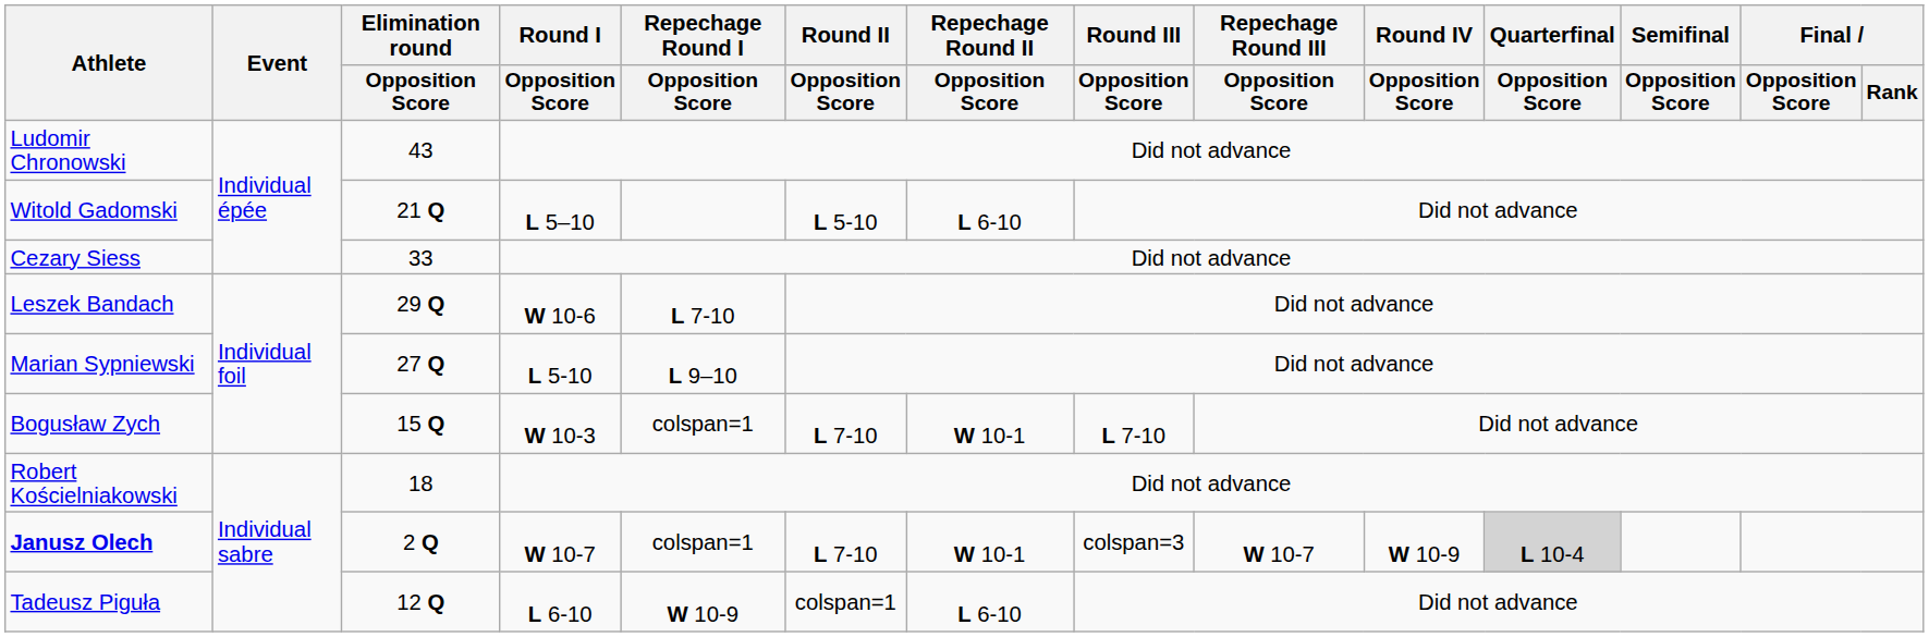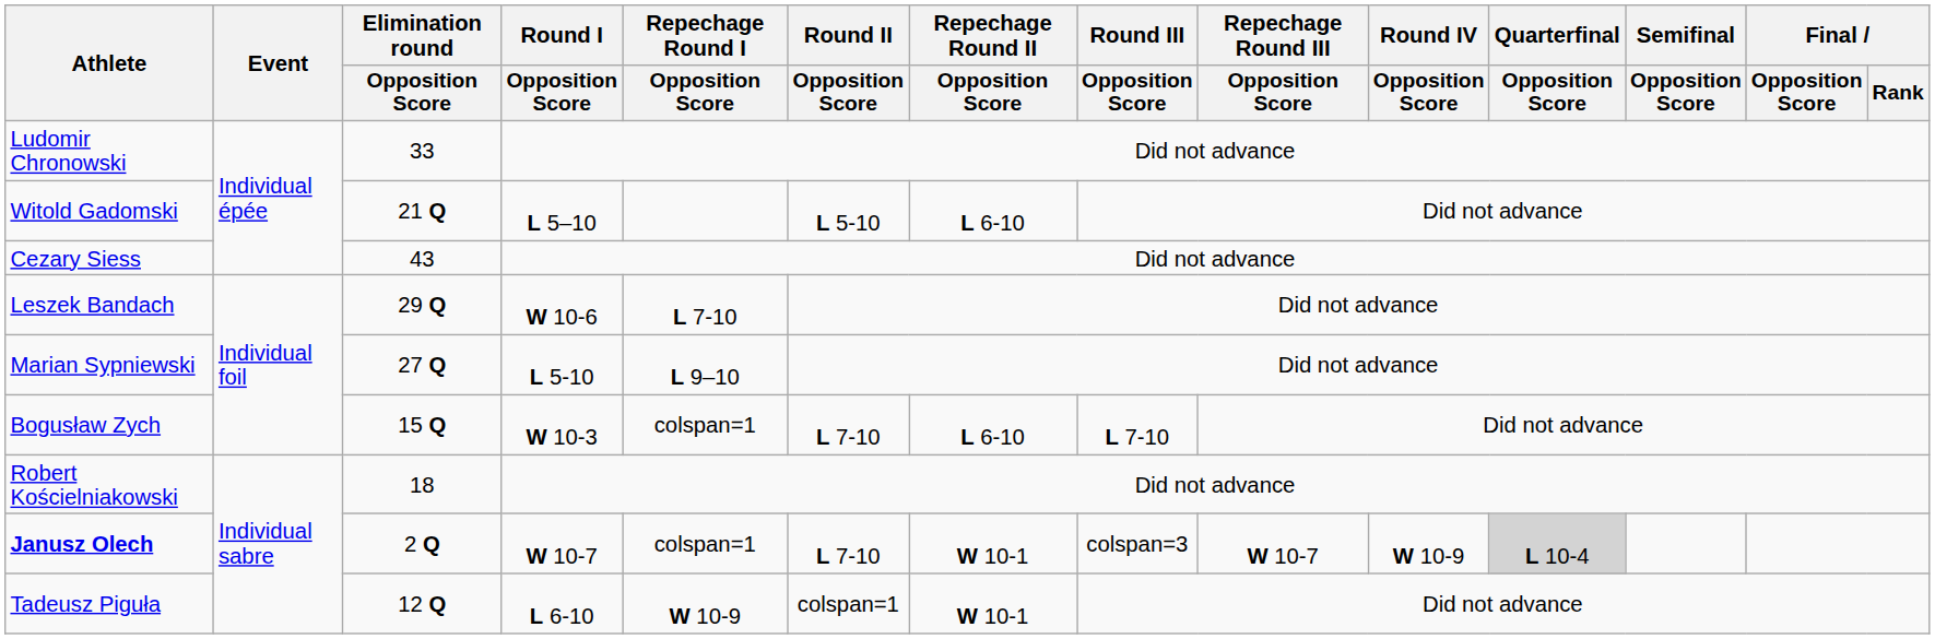 <table class="wikitable" style="font-size:90%">
 <tr>
 <th rowspan="2">Athlete</th>
 <th rowspan="2">Event</th>
 <th>Elimination round</th>
 <th>Round I</th>
 <th>Repechage Round I</th>
 <th>Round II</th>
 <th>Repechage Round II</th>
 <th>Round III</th>
 <th>Repechage Round III</th>
 <th>Round IV</th>
 <th>Quarterfinal</th>
 <th>Semifinal</th>
 <th colspan=2>Final / </th>
 </tr>
 <tr style="font-size:95%">
 <th>Opposition <br> Score</th>
 <th>Opposition <br> Score</th>
 <th>Opposition <br> Score</th>
 <th>Opposition <br> Score</th>
 <th>Opposition <br> Score</th>
 <th>Opposition <br> Score</th>
 <th>Opposition <br> Score</th>
 <th>Opposition <br> Score</th>
 <th>Opposition <br> Score</th>
 <th>Opposition <br> Score</th>
 <th>Opposition <br> Score</th>
 <th>Rank</th>
 </tr>
 <tr align=center>
 <td align=left><a href='#'>Ludomir Chronowski</a></td>
 <td align=left rowspan=3><a href='#'>Individual épée</a></td>
-<td>43</td>
+<td>33</td>
 <td colspan=11>Did not advance</td>
 </tr>
 <tr align=center>
 <td align=left><a href='#'>Witold Gadomski</a></td>
 <td>21 <strong>Q</strong></td>
 <td><br><strong>L</strong> 5–10</td>
 <td></td>
 <td><br><strong>L</strong> 5-10</td>
 <td><br><strong>L</strong> 6-10</td>
 <td colspan=7>Did not advance</td>
 </tr>
 <tr align=center>
 <td align=left><a href='#'>Cezary Siess</a></td>
-<td>33</td>
+<td>43</td>
 <td colspan=11>Did not advance</td>
 </tr>
 <tr align=center>
 <td align=left><a href='#'>Leszek Bandach</a></td>
 <td align=left rowspan=3><a href='#'>Individual foil</a></td>
 <td>29 <strong>Q</strong></td>
 <td><br><strong>W</strong> 10-6</td>
 <td><br><strong>L</strong> 7-10</td>
 <td colspan=9>Did not advance</td>
 </tr>
 <tr align=center>
 <td align=left><a href='#'>Marian Sypniewski</a></td>
 <td>27 <strong>Q</strong></td>
 <td><br><strong>L</strong> 5-10</td>
 <td><br><strong>L</strong> 9–10</td>
 <td colspan=9>Did not advance</td>
 </tr>
 <tr align=center>
 <td align=left><a href='#'>Bogusław Zych</a></td>
 <td>15 <strong>Q</strong></td>
 <td><br><strong>W</strong> 10-3</td>
 <td>colspan=1 </td>
 <td><br><strong>L</strong> 7-10</td>
-<td><br><strong>W</strong> 10-1</td>
+<td><br><strong>L</strong> 6-10</td>
 <td><br><strong>L</strong> 7-10</td>
 <td colspan=6>Did not advance</td>
 </tr>
 <tr align=center>
 <td align=left><a href='#'>Robert Kościelniakowski</a></td>
 <td align=left rowspan=3><a href='#'>Individual sabre</a></td>
 <td>18</td>
 <td colspan=11>Did not advance</td>
 </tr>
 <tr align=center>
 <td align=left><strong><a href='#'>Janusz Olech</a></strong></td>
 <td>2 <strong>Q</strong></td>
 <td><br><strong>W</strong> 10-7</td>
 <td>colspan=1 </td>
 <td><br><strong>L</strong> 7-10</td>
 <td><br><strong>W</strong> 10-1</td>
 <td>colspan=3 </td>
 <td><br><strong>W</strong> 10-7</td>
 <td><br><strong>W</strong> 10-9</td>
 <td style="background: lightgrey;"><br><strong>L</strong> 10-4</td>
 <td></td>
 </tr>
 <tr align=center>
 <td align=left><a href='#'>Tadeusz Piguła</a></td>
 <td>12 <strong>Q</strong></td>
 <td><br><strong>L</strong> 6-10</td>
 <td><br><strong>W</strong> 10-9</td>
 <td>colspan=1 </td>
-<td><br><strong>L</strong> 6-10</td>
+<td><br><strong>W</strong> 10-1</td>
 <td colspan=8>Did not advance</td>
 </tr>
 </table>
